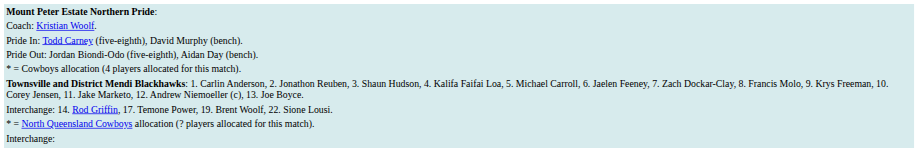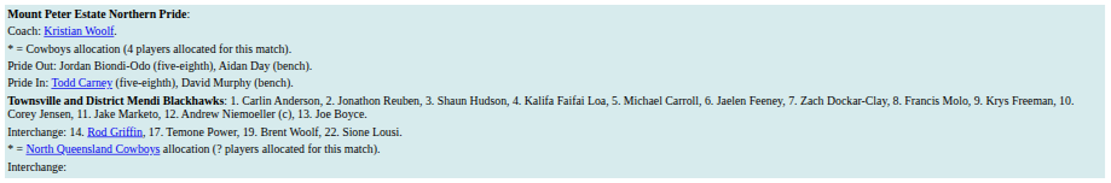 <table style="background:#d7ebed; font-size:85%; width:100%;">
 <tr>
 <td><strong>Mount Peter Estate Northern Pride</strong>:             </td>
 </tr>
 <tr>
 <td>Coach: <a href='#'>Kristian Woolf</a>.</td>
 </tr>
 <tr>
-<td>Pride In: <a href='#'>Todd Carney</a> (five-eighth), David Murphy (bench).</td>
+<td>* = Cowboys allocation (4 players allocated for this match).</td>
 </tr>
 <tr>
 <td>Pride Out: Jordan Biondi-Odo (five-eighth), Aidan Day (bench).</td>
 </tr>
 <tr>
-<td>* = Cowboys allocation (4 players allocated for this match).</td>
+<td>Pride In: <a href='#'>Todd Carney</a> (five-eighth), David Murphy (bench).</td>
 </tr>
 <tr>
 <td><strong>Townsville and District Mendi Blackhawks</strong>: 1. Carlin Anderson, 2. Jonathon Reuben, 3. Shaun Hudson, 4. Kalifa Faifai Loa, 5. Michael Carroll, 6. Jaelen Feeney, 7. Zach Dockar-Clay, 8. Francis Molo, 9. Krys Freeman, 10. Corey Jensen, 11. Jake Marketo, 12. Andrew Niemoeller (c), 13. Joe Boyce.</td>
 </tr>
 <tr>
 <td>Interchange: 14. <a href='#'>Rod Griffin</a>, 17. Temone Power, 19. Brent Woolf, 22. Sione Lousi.</td>
 </tr>
 <tr>
 <td>* = <a href='#'>North Queensland Cowboys</a> allocation (? players allocated for this match).</td>
 </tr>
 <tr>
 <td>Interchange:    </td>
 </tr>
 <tr>
 </tr>
 </table>
